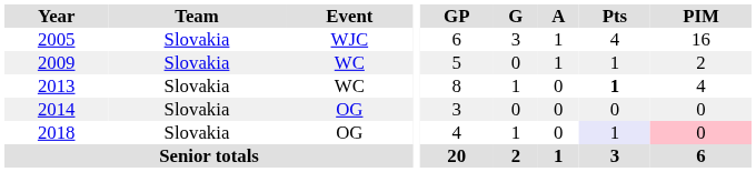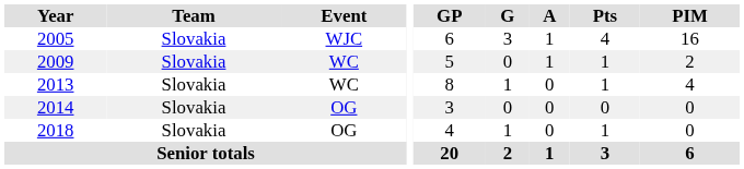 <table border="0" cellpadding="1" cellspacing="0" ID="Table3" style="text-align:center; width:40em">
 <tr bgcolor="#e0e0e0">
 <th>Year</th>
 <th>Team</th>
 <th>Event</th>
 <th rowspan="102" bgcolor="#ffffff"></th>
 <th>GP</th>
 <th>G</th>
 <th>A</th>
 <th>Pts</th>
 <th>PIM</th>
 </tr>
 <tr>
 <td><a href='#'>2005</a></td>
 <td><a href='#'>Slovakia</a></td>
 <td><a href='#'>WJC</a></td>
 <td>6</td>
 <td>3</td>
 <td>1</td>
 <td>4</td>
 <td>16</td>
 </tr>
 <tr bgcolor="#f0f0f0">
 <td><a href='#'>2009</a></td>
 <td><a href='#'>Slovakia</a></td>
 <td><a href='#'>WC</a></td>
 <td>5</td>
 <td>0</td>
 <td>1</td>
 <td>1</td>
 <td>2</td>
 </tr>
 <tr>
 <td><a href='#'>2013</a></td>
 <td>Slovakia</td>
 <td>WC</td>
 <td>8</td>
 <td>1</td>
 <td>0</td>
-<td><strong>1</strong></td>
+<td>1</td>
 <td>4</td>
 </tr>
 <tr bgcolor="#f0f0f0">
 <td><a href='#'>2014</a></td>
 <td>Slovakia</td>
 <td><a href='#'>OG</a></td>
 <td>3</td>
 <td>0</td>
 <td>0</td>
 <td>0</td>
 <td>0</td>
 </tr>
 <tr>
 <td><a href='#'>2018</a></td>
 <td>Slovakia</td>
 <td>OG</td>
 <td>4</td>
 <td>1</td>
 <td>0</td>
-<td style="background: lavender;">1</td>
-<td style="background: pink;">0</td>
+<td>1</td>
+<td>0</td>
 </tr>
 <tr bgcolor="#e0e0e0">
 <th colspan="3">Senior totals</th>
 <th>20</th>
 <th>2</th>
 <th>1</th>
 <th>3</th>
 <th>6</th>
 </tr>
 </table>
